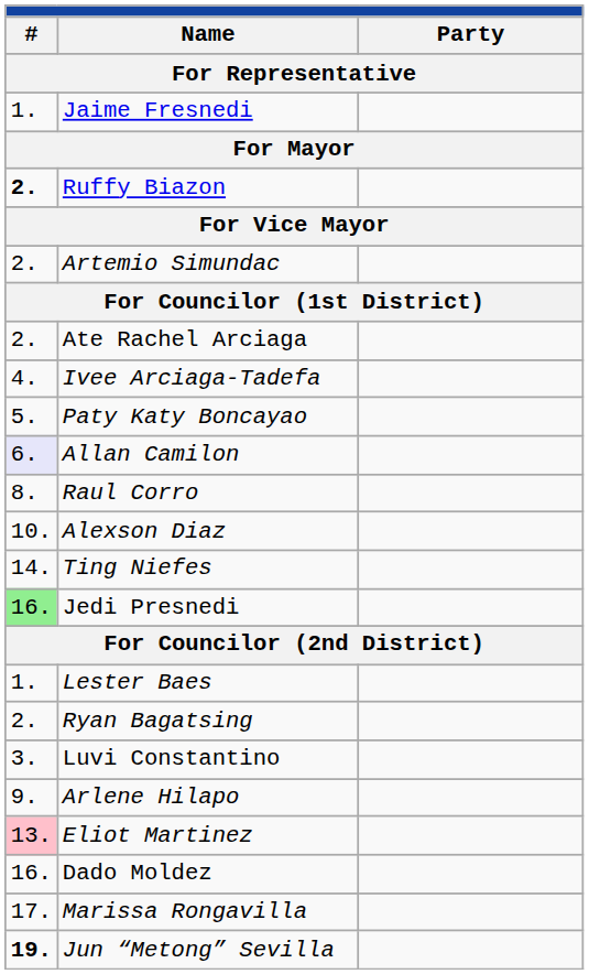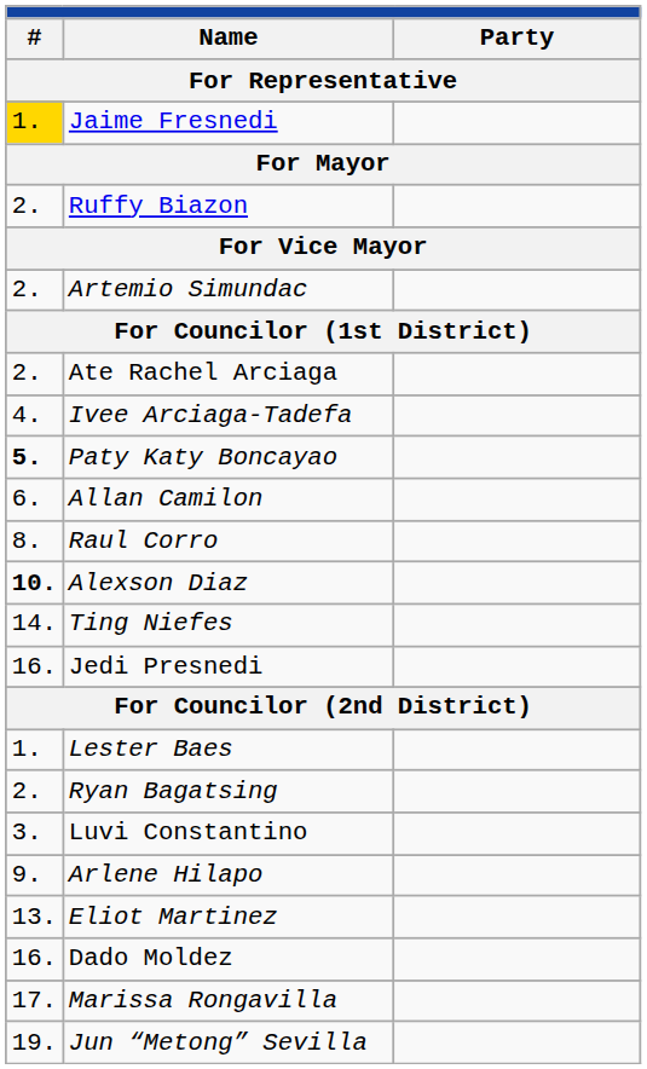 <table class=wikitable style="font-size:90%">
 <tr>
 <td colspan="5" bgcolor=#1243a0></td>
 </tr>
 <tr>
 <th>#</th>
 <th width=150px>Name</th>
 <th colspan=2 width=110px>Party</th>
 </tr>
 <tr>
 <th colspan=5>For Representative</th>
 </tr>
 <tr>
-<td>1.</td>
+<td style="background: gold;">1.</td>
 <td><a href='#'>Jaime Fresnedi</a></td>
 <td></td>
 </tr>
 <tr>
 <th colspan=5>For Mayor</th>
 </tr>
 <tr>
-<td><strong>2.</strong></td>
+<td>2.</td>
 <td><a href='#'>Ruffy Biazon</a></td>
 <td></td>
 </tr>
 <tr>
 <th colspan=5>For Vice Mayor</th>
 </tr>
 <tr>
 <td>2.</td>
 <td><em>Artemio Simundac</em></td>
 <td></td>
 </tr>
 <tr>
 <th colspan=5>For Councilor (1st District)</th>
 </tr>
 <tr>
 <td>2.</td>
 <td>Ate Rachel Arciaga</td>
 <td></td>
 </tr>
 <tr>
 <td>4.</td>
 <td><em>Ivee Arciaga-Tadefa</em></td>
 <td></td>
 </tr>
 <tr>
-<td>5.</td>
+<td><strong>5.</strong></td>
 <td><em>Paty Katy Boncayao</em></td>
 <td></td>
 </tr>
 <tr>
-<td style="background: lavender;">6.</td>
+<td>6.</td>
 <td><em>Allan Camilon</em></td>
 <td></td>
 </tr>
 <tr>
 <td>8.</td>
 <td><em>Raul Corro</em></td>
 <td></td>
 </tr>
 <tr>
-<td>10.</td>
+<td><strong>10.</strong></td>
 <td><em>Alexson Diaz</em></td>
 <td></td>
 </tr>
 <tr>
 <td>14.</td>
 <td><em>Ting Niefes</em></td>
 <td></td>
 </tr>
 <tr>
-<td style="background: lightgreen;">16.</td>
+<td>16.</td>
 <td>Jedi Presnedi</td>
 <td></td>
 </tr>
 <tr>
 <th colspan=5>For Councilor (2nd District)</th>
 </tr>
 <tr>
 <td>1.</td>
 <td><em>Lester Baes</em></td>
 <td></td>
 </tr>
 <tr>
 <td>2.</td>
 <td><em>Ryan Bagatsing</em></td>
 <td></td>
 </tr>
 <tr>
 <td>3.</td>
 <td>Luvi Constantino</td>
 <td></td>
 </tr>
 <tr>
 <td>9.</td>
 <td><em>Arlene Hilapo</em></td>
 <td></td>
 </tr>
 <tr>
-<td style="background: pink;">13.</td>
+<td>13.</td>
 <td><em>Eliot Martinez</em></td>
 <td></td>
 </tr>
 <tr>
 <td>16.</td>
 <td>Dado Moldez</td>
 <td></td>
 </tr>
 <tr>
 <td>17.</td>
 <td><em>Marissa Rongavilla</em></td>
 <td></td>
 </tr>
 <tr>
-<td><strong>19.</strong></td>
+<td>19.</td>
 <td><em>Jun “Metong” Sevilla</em></td>
 <td></td>
 </tr>
 </table>
